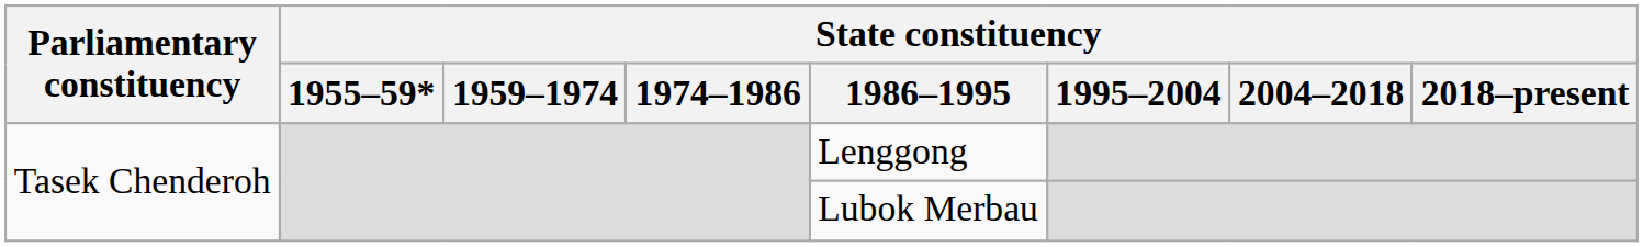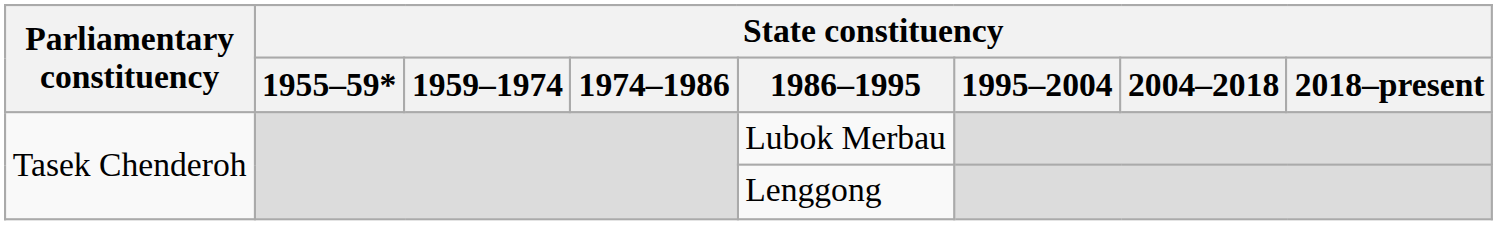 <table class="wikitable">
 <tr>
 <th rowspan="2">Parliamentary<br>constituency</th>
 <th colspan="7">State constituency</th>
 </tr>
 <tr>
 <th>1955–59*</th>
 <th>1959–1974</th>
 <th>1974–1986</th>
 <th>1986–1995</th>
 <th>1995–2004</th>
 <th>2004–2018</th>
 <th>2018–present</th>
 </tr>
 <tr>
 <td rowspan="2">Tasek Chenderoh</td>
 <td colspan="3" rowspan="2" bgcolor="dcdcdc"></td>
+<td>Lubok Merbau</td>
+<td colspan="3" bgcolor="dcdcdc"></td>
+</tr>
+<tr>
 <td>Lenggong</td>
 <td colspan="3" bgcolor="dcdcdc"></td>
 </tr>
-<tr>
-<td>Lubok Merbau</td>
-<td colspan="3" bgcolor="dcdcdc"></td>
-</tr>
 </table>
